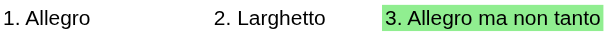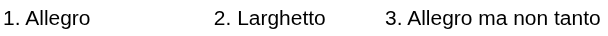 <table>
 <tr>
 <td colspan="3"></td>
 </tr>
 <tr>
 <td style="width: 33%; text-align: center;">1. Allegro</td>
 <td style="width: 33%; text-align: center;">2. Larghetto</td>
-<td style="background: lightgreen; width: 33%; text-align: center;">3. Allegro ma non tanto</td>
+<td style="width: 33%; text-align: center;">3. Allegro ma non tanto</td>
 </tr>
 </table>
